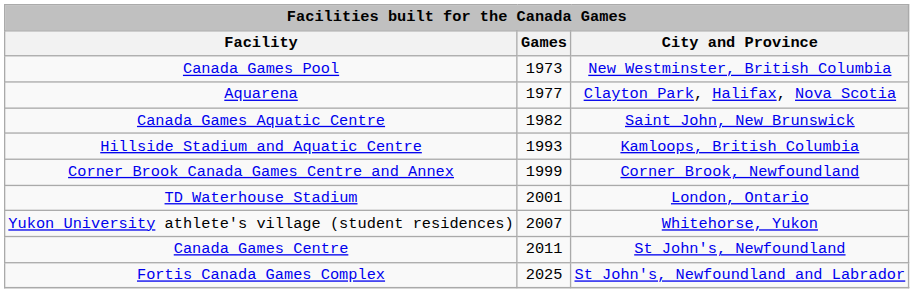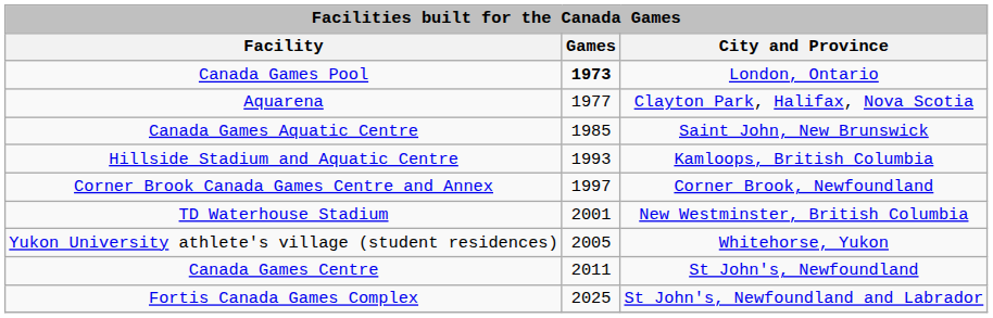 <table class=wikitable style="text-align:left; font-size:90%;">
 <tr>
 <th colspan=5 style="background:silver;">Facilities built for the Canada Games</th>
 </tr>
 <tr>
 <th>Facility</th>
 <th>Games</th>
 <th>City and Province</th>
 </tr>
 <tr align=center>
 <td><a href='#'>Canada Games Pool</a></td>
-<td>1973</td>
-<td><a href='#'>New Westminster, British Columbia</a></td>
+<td><strong>1973</strong></td>
+<td><a href='#'>London, Ontario</a></td>
 </tr>
 <tr align=center>
 <td><a href='#'>Aquarena</a></td>
 <td>1977</td>
 <td><a href='#'>Clayton Park</a>, <a href='#'>Halifax</a>, <a href='#'>Nova Scotia</a></td>
 </tr>
 <tr align=center>
 <td><a href='#'>Canada Games Aquatic Centre</a></td>
-<td>1982</td>
+<td>1985</td>
 <td><a href='#'>Saint John, New Brunswick</a></td>
 </tr>
 <tr align=center>
 <td><a href='#'>Hillside Stadium and Aquatic Centre</a></td>
 <td>1993</td>
 <td><a href='#'>Kamloops, British Columbia</a></td>
 </tr>
 <tr align=center>
 <td><a href='#'>Corner Brook Canada Games Centre and Annex</a></td>
-<td>1999</td>
+<td>1997</td>
 <td><a href='#'>Corner Brook, Newfoundland</a></td>
 </tr>
 <tr align=center>
 <td><a href='#'>TD Waterhouse Stadium</a></td>
 <td>2001</td>
-<td><a href='#'>London, Ontario</a></td>
+<td><a href='#'>New Westminster, British Columbia</a></td>
 </tr>
 <tr align=center>
 <td><a href='#'>Yukon University</a> athlete's village (student residences)</td>
-<td>2007</td>
+<td>2005</td>
 <td><a href='#'>Whitehorse, Yukon</a></td>
 </tr>
 <tr align=center>
 <td><a href='#'>Canada Games Centre</a></td>
 <td>2011</td>
 <td><a href='#'>St John's, Newfoundland</a></td>
 </tr>
 <tr align=center>
 <td><a href='#'>Fortis Canada Games Complex</a></td>
 <td>2025</td>
 <td><a href='#'>St John's, Newfoundland and Labrador</a></td>
 </tr>
 <tr align=center>
 </tr>
 </table>
